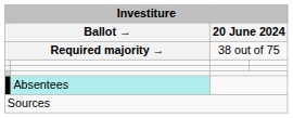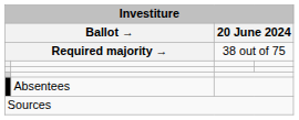 <table class="wikitable" style="text-align:center;">
 <tr bgcolor="#E9E9E9">
 <td colspan="4" align="center" bgcolor="#C0C0C0"><strong>Investiture</strong></td>
 </tr>
 <tr>
 <th colspan="2" width="275px">Ballot →</th>
 <th colspan="2">20 June 2024</th>
 </tr>
 <tr>
 <th colspan="2">Required majority →</th>
 <td colspan="2">38 out of 75</td>
 </tr>
 <tr>
 <th width="1px" style="background:"></th>
 <td align="left"></td>
 <td></td>
 <td></td>
 </tr>
 <tr>
 <th style="color:inherit;background:"></th>
 <td align="left"></td>
 <td></td>
 <td></td>
 </tr>
 <tr>
 <th style="color:inherit;background:lightgray;"></th>
 <td align="left"></td>
 <td colspan="2"></td>
 </tr>
 <tr>
 <th style="color:inherit;background:black;"></th>
-<td align="left" style="background: paleturquoise;"><span>Absentees</span></td>
+<td align="left"><span>Absentees</span></td>
 <td colspan="2"></td>
 </tr>
 <tr>
 <td align="left" colspan="6">Sources</td>
 </tr>
 </table>
